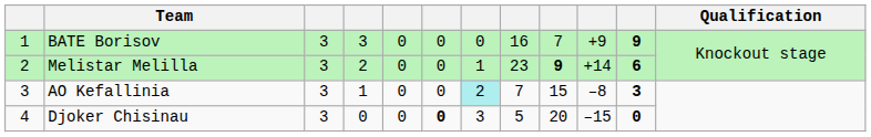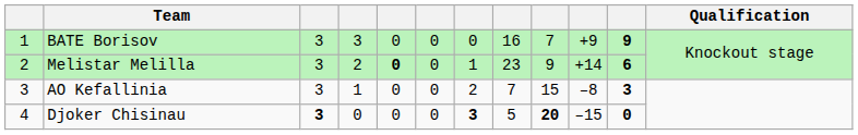 <table class="wikitable" style="font-size: 95%">
 <tr>
 <th width="25"></th>
 <th width="200">Team</th>
 <th width="25"></th>
 <th width="25"></th>
 <th width="25"></th>
 <th width="25"></th>
 <th width="25"></th>
 <th width="25"></th>
 <th width="25"></th>
 <th width="25"></th>
 <th width="25"></th>
 <th width="160">Qualification</th>
 </tr>
 <tr align=center bgcolor=#bbf3bb>
 <td>1</td>
 <td align=left> BATE Borisov</td>
 <td>3</td>
 <td>3</td>
 <td>0</td>
 <td>0</td>
 <td>0</td>
 <td>16</td>
 <td>7</td>
 <td>+9</td>
 <td><strong>9</strong></td>
 <td rowspan=2>Knockout stage</td>
 </tr>
 <tr align=center bgcolor=#bbf3bb>
 <td>2</td>
 <td align=left> Melistar Melilla</td>
 <td>3</td>
 <td>2</td>
-<td>0</td>
+<td><strong>0</strong></td>
 <td>0</td>
 <td>1</td>
 <td>23</td>
-<td><strong>9</strong></td>
+<td>9</td>
 <td>+14</td>
 <td><strong>6</strong></td>
 </tr>
 <tr align=center>
 <td>3</td>
 <td align=left> AO Kefallinia</td>
 <td>3</td>
 <td>1</td>
 <td>0</td>
 <td>0</td>
-<td style="background: paleturquoise;">2</td>
+<td>2</td>
 <td>7</td>
 <td>15</td>
 <td>–8</td>
 <td><strong>3</strong></td>
 <td rowspan=2></td>
 </tr>
 <tr align=center>
 <td>4</td>
 <td align=left> Djoker Chisinau</td>
-<td>3</td>
+<td><strong>3</strong></td>
 <td>0</td>
 <td>0</td>
-<td><strong>0</strong></td>
-<td>3</td>
+<td>0</td>
+<td><strong>3</strong></td>
 <td>5</td>
-<td>20</td>
+<td><strong>20</strong></td>
 <td>–15</td>
 <td><strong>0</strong></td>
 </tr>
 </table>
